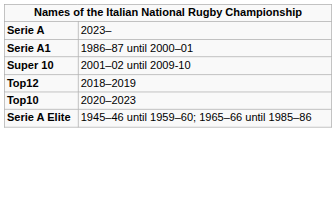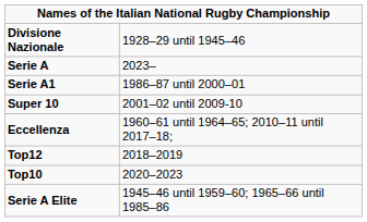 <table class="wikitable floatright" style="text-align:left;margin-left:1em;cellpadding:5;font-size:100%;min-width:19.3em;width:30%;">
 <tr>
 <td colspan="2" align="center"><strong>Names of the Italian National Rugby Championship</strong></td>
+</tr>
+<tr>
+<td><strong>Divisione Nazionale</strong></td>
+<td>1928–29 until 1945–46</td>
 </tr>
 <tr>
 <td><strong>Serie A</strong></td>
 <td>2023–</td>
 </tr>
 <tr>
 <td><strong>Serie A1</strong></td>
 <td>1986–87 until 2000–01</td>
 </tr>
 <tr>
 <td><strong>Super 10</strong></td>
 <td>2001–02 until 2009-10</td>
 </tr>
 <tr>
+<td><strong>Eccellenza</strong></td>
+<td>1960–61 until 1964–65; 2010–11 until 2017–18;</td>
+</tr>
+<tr>
 <td><strong>Top12</strong></td>
 <td>2018–2019</td>
 </tr>
 <tr>
 <td><strong>Top10</strong></td>
 <td>2020–2023</td>
 </tr>
 <tr>
 <td><strong>Serie A Elite</strong></td>
 <td>1945–46 until 1959–60; 1965–66 until 1985–86</td>
 </tr>
 </table>
